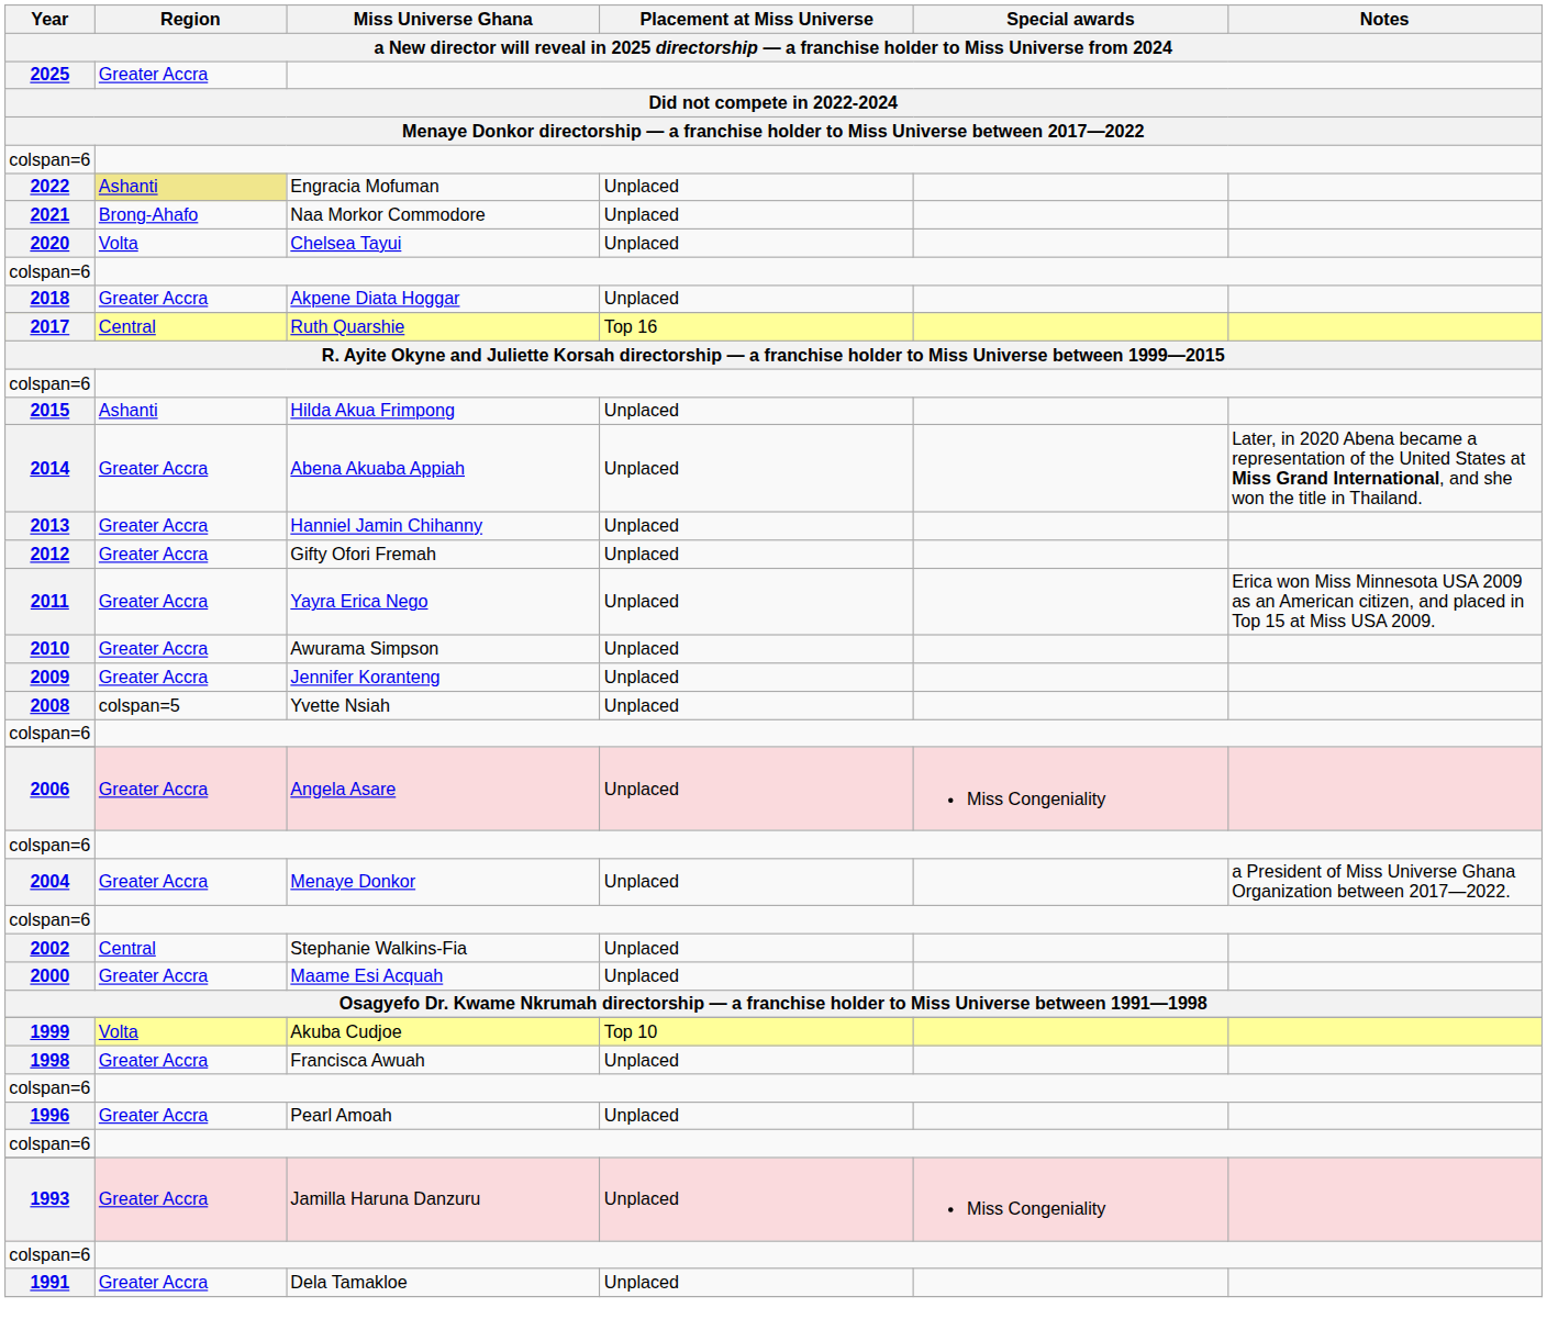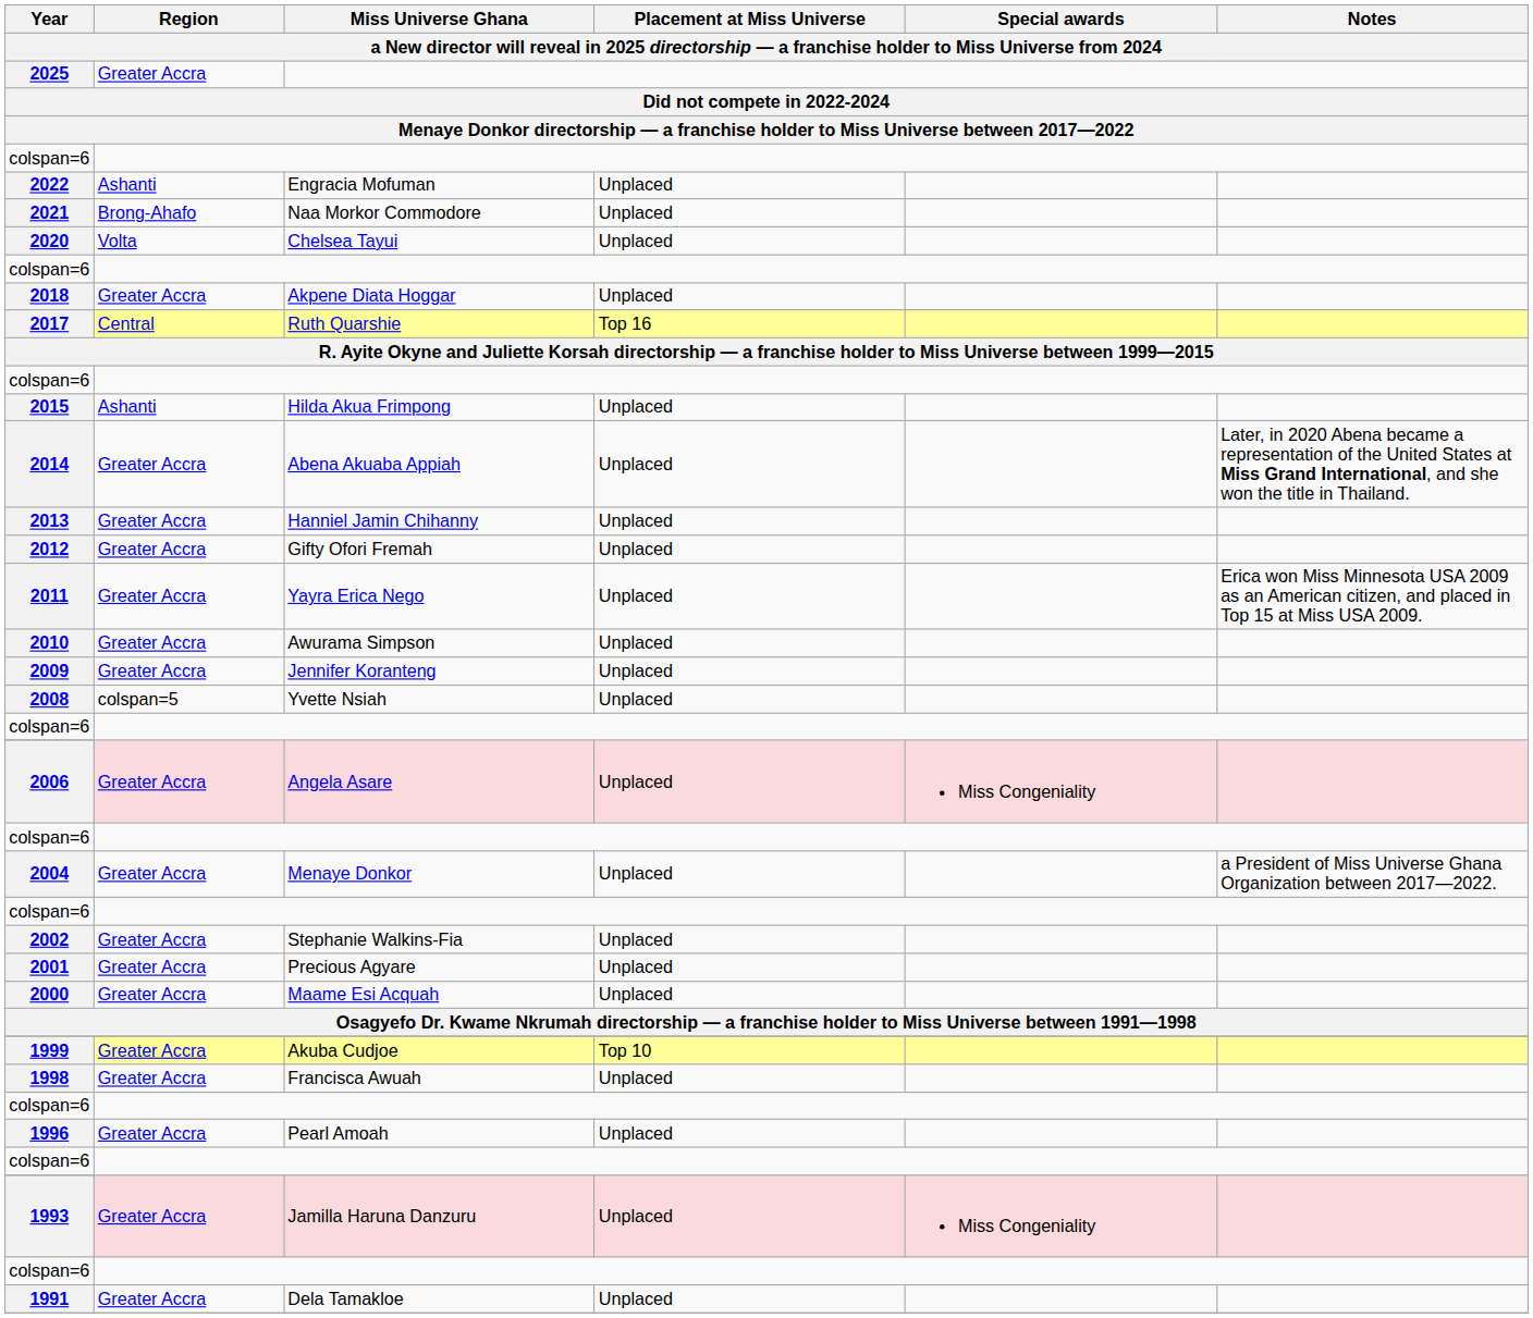 <table class="wikitable " style="font-size: 90%;">
 <tr>
 <th width="60">Year</th>
 <th width="150">Region</th>
 <th width="250">Miss Universe Ghana</th>
 <th width="250">Placement at Miss Universe</th>
 <th width="250">Special awards</th>
 <th width="250">Notes</th>
 </tr>
 <tr>
 <th colspan="6">a New director will reveal in 2025 <em>directorship</em> — a franchise holder to Miss Universe from 2024</th>
 </tr>
 <tr>
 <th><a href='#'>2025</a></th>
 <td><a href='#'>Greater Accra</a></td>
 </tr>
 <tr>
 <th colspan="6">Did not compete in 2022-2024</th>
 </tr>
 <tr>
 <th colspan="6">Menaye Donkor directorship — a franchise holder to Miss Universe between 2017―2022</th>
 </tr>
 <tr>
 <td>colspan=6 </td>
 </tr>
 <tr>
 <th><a href='#'>2022</a></th>
-<td style="background: khaki;"><a href='#'>Ashanti</a></td>
+<td><a href='#'>Ashanti</a></td>
 <td>Engracia Mofuman</td>
 <td>Unplaced</td>
 <td></td>
 <td></td>
 </tr>
 <tr>
 <th><a href='#'>2021</a></th>
 <td><a href='#'>Brong-Ahafo</a></td>
 <td>Naa Morkor Commodore</td>
 <td>Unplaced</td>
 <td></td>
 <td></td>
 </tr>
 <tr>
 <th><a href='#'>2020</a></th>
 <td><a href='#'>Volta</a></td>
 <td><a href='#'>Chelsea Tayui</a></td>
 <td>Unplaced</td>
 <td></td>
 <td></td>
 </tr>
 <tr>
 <td>colspan=6 </td>
 </tr>
 <tr>
 <th><a href='#'>2018</a></th>
 <td><a href='#'>Greater Accra</a></td>
 <td><a href='#'>Akpene Diata Hoggar</a></td>
 <td>Unplaced</td>
 <td></td>
 <td></td>
 </tr>
 <tr>
 </tr>
 <tr style="background-color:#FFFF99; ">
 <th><a href='#'>2017</a></th>
 <td><a href='#'>Central</a></td>
 <td><a href='#'>Ruth Quarshie</a></td>
 <td>Top 16</td>
 <td></td>
 <td></td>
 </tr>
 <tr>
 <th colspan="6">R. Ayite Okyne and Juliette Korsah directorship — a franchise holder to Miss Universe between 1999―2015</th>
 </tr>
 <tr>
 <td>colspan=6 </td>
 </tr>
 <tr>
 <th><a href='#'>2015</a></th>
 <td><a href='#'>Ashanti</a></td>
 <td><a href='#'>Hilda Akua Frimpong</a></td>
 <td>Unplaced</td>
 <td></td>
 <td></td>
 </tr>
 <tr>
 <th><a href='#'>2014</a></th>
 <td><a href='#'>Greater Accra</a></td>
 <td><a href='#'>Abena Akuaba Appiah</a></td>
 <td>Unplaced</td>
 <td></td>
 <td>Later, in 2020 Abena became a representation of the United States at <strong>Miss Grand International</strong>, and she won the title in Thailand.</td>
 </tr>
 <tr>
 <th><a href='#'>2013</a></th>
 <td><a href='#'>Greater Accra</a></td>
 <td><a href='#'>Hanniel Jamin Chihanny</a></td>
 <td>Unplaced</td>
 <td></td>
 <td></td>
 </tr>
 <tr>
 <th><a href='#'>2012</a></th>
 <td><a href='#'>Greater Accra</a></td>
 <td>Gifty Ofori Fremah</td>
 <td>Unplaced</td>
 <td></td>
 <td></td>
 </tr>
 <tr>
 <th><a href='#'>2011</a></th>
 <td><a href='#'>Greater Accra</a></td>
 <td><a href='#'>Yayra Erica Nego</a></td>
 <td>Unplaced</td>
 <td></td>
 <td>Erica won Miss Minnesota USA 2009 as an American citizen, and placed in Top 15 at Miss USA 2009.</td>
 </tr>
 <tr>
 <th><a href='#'>2010</a></th>
 <td><a href='#'>Greater Accra</a></td>
 <td>Awurama Simpson</td>
 <td>Unplaced</td>
 <td></td>
 <td></td>
 </tr>
 <tr>
 <th><a href='#'>2009</a></th>
 <td><a href='#'>Greater Accra</a></td>
 <td><a href='#'>Jennifer Koranteng</a></td>
 <td>Unplaced</td>
 <td></td>
 <td></td>
 </tr>
 <tr>
 <th><a href='#'>2008</a></th>
 <td>colspan=5 </td>
 <td>Yvette Nsiah</td>
 <td>Unplaced</td>
 <td></td>
 <td></td>
 </tr>
 <tr>
 <td>colspan=6 </td>
 </tr>
 <tr>
 </tr>
 <tr style="background-color:#FADADD; ">
 <th><a href='#'>2006</a></th>
 <td><a href='#'>Greater Accra</a></td>
 <td><a href='#'>Angela Asare</a></td>
 <td>Unplaced</td>
 <td align="left"><br><ul><li>Miss Congeniality</li></ul></td>
 <td></td>
 </tr>
 <tr>
 <td>colspan=6 </td>
 </tr>
 <tr>
 <th><a href='#'>2004</a></th>
 <td><a href='#'>Greater Accra</a></td>
 <td><a href='#'>Menaye Donkor</a></td>
 <td>Unplaced</td>
 <td></td>
 <td>a President of Miss Universe Ghana Organization between 2017―2022.</td>
 </tr>
 <tr>
 <td>colspan=6 </td>
 </tr>
 <tr>
 <th><a href='#'>2002</a></th>
-<td><a href='#'>Central</a></td>
+<td><a href='#'>Greater Accra</a></td>
 <td>Stephanie Walkins-Fia</td>
+<td>Unplaced</td>
+<td></td>
+<td></td>
+</tr>
+<tr>
+<th><a href='#'>2001</a></th>
+<td><a href='#'>Greater Accra</a></td>
+<td>Precious Agyare</td>
 <td>Unplaced</td>
 <td></td>
 <td></td>
 </tr>
 <tr>
 <th><a href='#'>2000</a></th>
 <td><a href='#'>Greater Accra</a></td>
 <td><a href='#'>Maame Esi Acquah</a></td>
 <td>Unplaced</td>
 <td></td>
 <td></td>
 </tr>
 <tr>
 <th colspan="6">Osagyefo Dr. Kwame Nkrumah directorship — a franchise holder to Miss Universe between 1991―1998</th>
 </tr>
 <tr>
 </tr>
 <tr style="background-color:#FFFF99; ">
 <th><a href='#'>1999</a></th>
-<td><a href='#'>Volta</a></td>
+<td><a href='#'>Greater Accra</a></td>
 <td>Akuba Cudjoe</td>
 <td>Top 10</td>
 <td></td>
 <td></td>
 </tr>
 <tr>
 <th><a href='#'>1998</a></th>
 <td><a href='#'>Greater Accra</a></td>
 <td>Francisca Awuah</td>
 <td>Unplaced</td>
 <td></td>
 <td></td>
 </tr>
 <tr>
 <td>colspan=6 </td>
 </tr>
 <tr>
 <th><a href='#'>1996</a></th>
 <td><a href='#'>Greater Accra</a></td>
 <td>Pearl Amoah</td>
 <td>Unplaced</td>
 <td></td>
 <td></td>
 </tr>
 <tr>
 <td>colspan=6 </td>
 </tr>
 <tr>
 </tr>
 <tr style="background-color:#FADADD; ">
 <th><a href='#'>1993</a></th>
 <td><a href='#'>Greater Accra</a></td>
 <td>Jamilla Haruna Danzuru</td>
 <td>Unplaced</td>
 <td align="left"><br><ul><li>Miss Congeniality</li></ul></td>
 <td></td>
 </tr>
 <tr>
 <td>colspan=6 </td>
 </tr>
 <tr>
 <th><a href='#'>1991</a></th>
 <td><a href='#'>Greater Accra</a></td>
 <td>Dela Tamakloe</td>
 <td>Unplaced</td>
 <td></td>
 <td></td>
 </tr>
 <tr>
 </tr>
 </table>
